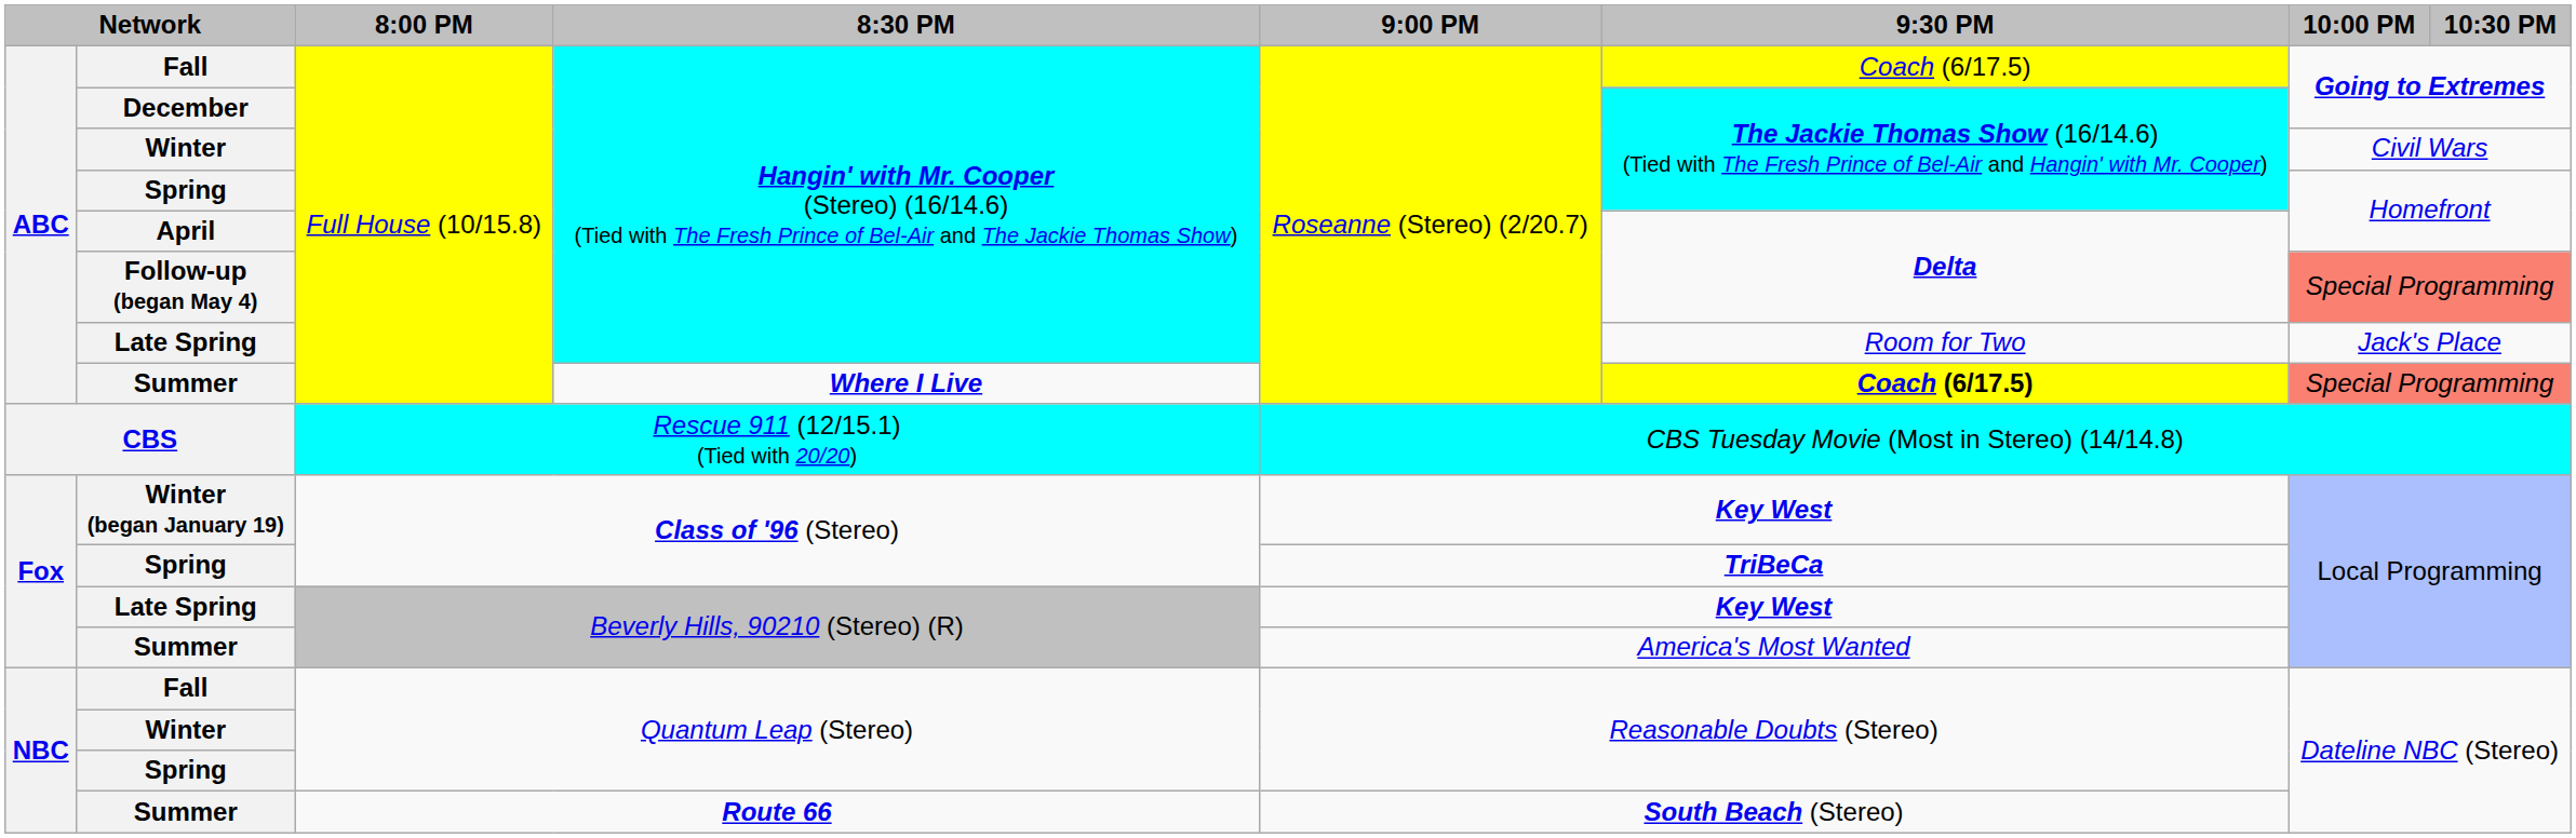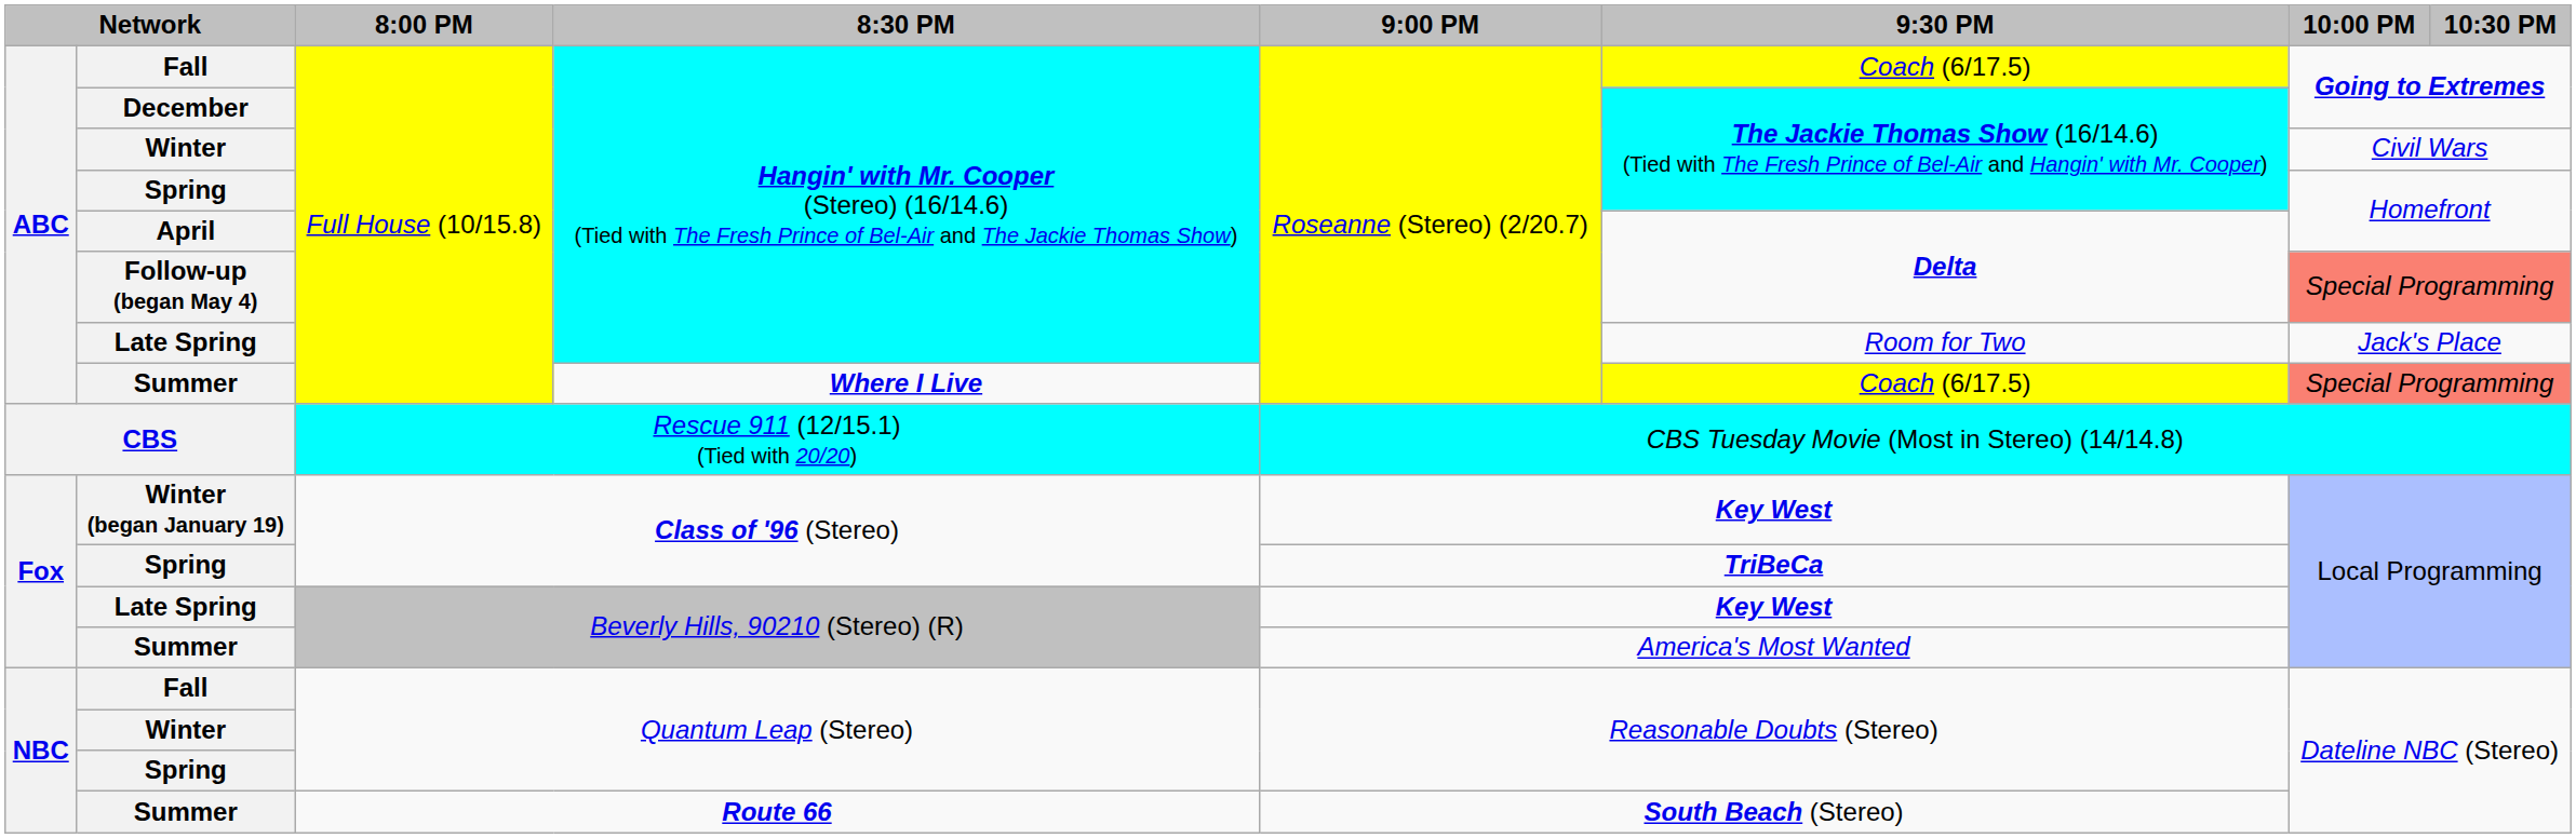 <table class="wikitable" style="width:100%;margin-right:0;text-align:center">
 <tr>
 <th colspan="2" style="background:silver; text-align:center;">Network</th>
 <th style="background:silver; text-align:center;">8:00 PM</th>
 <th style="background:silver; text-align:center;">8:30 PM</th>
 <th style="background:silver; text-align:center;">9:00 PM</th>
 <th style="background:silver; text-align:center;">9:30 PM</th>
 <th style="background:silver; text-align:center;">10:00 PM</th>
 <th style="background:silver; text-align:center;">10:30 PM</th>
 </tr>
 <tr>
 <th rowspan="8"><a href='#'>ABC</a></th>
 <th>Fall</th>
 <td style="background:#ff0;" rowspan="8"><em><a href='#'>Full House</a></em> (10/15.8)</td>
 <td style="background:#0ff;" rowspan="7"><strong><em><a href='#'>Hangin' with Mr. Cooper</a></em></strong><br>(Stereo) (16/14.6)<br><small>(Tied with <em><a href='#'>The Fresh Prince of Bel-Air</a></em> and <em><a href='#'>The Jackie Thomas Show</a></em>)</small></td>
 <td style="background:#ff0;" rowspan="8"><em><a href='#'>Roseanne</a></em> (Stereo) (2/20.7)</td>
 <td style="background:#ff0;"><em><a href='#'>Coach</a></em> (6/17.5)</td>
 <td colspan="2" rowspan="2"><strong><em><a href='#'>Going to Extremes</a></em></strong></td>
 </tr>
 <tr>
 <th>December</th>
 <td style="background:#0ff;" rowspan="3"><strong><em><a href='#'>The Jackie Thomas Show</a></em></strong> (16/14.6)<br><small>(Tied with <em><a href='#'>The Fresh Prince of Bel-Air</a></em> and <em><a href='#'>Hangin' with Mr. Cooper</a></em>)</small></td>
 </tr>
 <tr>
 <th>Winter</th>
 <td colspan="2"><em><a href='#'>Civil Wars</a></em></td>
 </tr>
 <tr>
 <th>Spring</th>
 <td rowspan="2" colspan="2"><em><a href='#'>Homefront</a></em></td>
 </tr>
 <tr>
 <th>April</th>
 <td rowspan="2"><strong><em><a href='#'>Delta</a></em></strong></td>
 </tr>
 <tr>
 <th>Follow-up<br><small>(began May 4)</small></th>
 <td colspan="2"  style="background:#FA8072;"><em>Special Programming</em></td>
 </tr>
 <tr>
 <th>Late Spring</th>
 <td><em><a href='#'>Room for Two</a></em></td>
 <td colspan="2"><em><a href='#'>Jack's Place</a></em></td>
 </tr>
 <tr>
 <th>Summer</th>
 <td><strong><em><a href='#'>Where I Live</a></em></strong></td>
-<td style="background:#ff0;"><strong><em><a href='#'>Coach</a></em> (6/17.5)</strong></td>
+<td style="background:#ff0;"><em><a href='#'>Coach</a></em> (6/17.5)</td>
 <td colspan="2"  style="background:#FA8072;"><em>Special Programming</em></td>
 </tr>
 <tr>
 <th colspan="2"><a href='#'>CBS</a></th>
 <td style="background:#0ff;" colspan="2"><em><a href='#'>Rescue 911</a></em> (12/15.1)<br><small>(Tied with <em><a href='#'>20/20</a></em>)</small></td>
 <td style="background:#0ff;" colspan="4"><em>CBS Tuesday Movie</em> (Most in Stereo) (14/14.8)</td>
 </tr>
 <tr>
 <th rowspan="4"><a href='#'>Fox</a></th>
 <th>Winter<br><small>(began January 19)</small></th>
 <td rowspan="2" colspan="2"><strong><em><a href='#'>Class of '96</a></em></strong> (Stereo)</td>
 <td colspan="2"><strong><em><a href='#'>Key West</a></em></strong></td>
 <td style="background:#abbfff;" rowspan="4" colspan="2">Local Programming</td>
 </tr>
 <tr>
 <th>Spring</th>
 <td colspan="2"><strong><em><a href='#'>TriBeCa</a></em></strong></td>
 </tr>
 <tr>
 <th>Late Spring</th>
 <td colspan="2" rowspan="2" style="background:#C0C0C0;"><em><a href='#'>Beverly Hills, 90210</a></em> (Stereo) (R)</td>
 <td colspan="2"><strong><em><a href='#'>Key West</a></em></strong></td>
 </tr>
 <tr>
 <th>Summer</th>
 <td colspan="2"><em><a href='#'>America's Most Wanted</a></em></td>
 </tr>
 <tr>
 <th rowspan="4"><a href='#'>NBC</a></th>
 <th>Fall</th>
 <td rowspan="3" colspan="2"><em><a href='#'>Quantum Leap</a></em> (Stereo)</td>
 <td rowspan="3" colspan="2"><em><a href='#'>Reasonable Doubts</a></em> (Stereo)</td>
 <td colspan="2" rowspan="4"><em><a href='#'>Dateline NBC</a></em> (Stereo)</td>
 </tr>
 <tr>
 <th>Winter</th>
 </tr>
 <tr>
 <th>Spring</th>
 </tr>
 <tr>
 <th>Summer</th>
 <td colspan="2"><strong><em><a href='#'>Route 66</a></em></strong></td>
 <td colspan="2"><strong><em><a href='#'>South Beach</a></em></strong> (Stereo)</td>
 </tr>
 </table>
